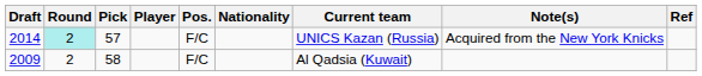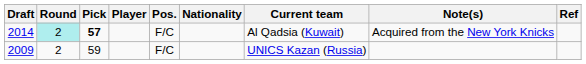 <table class="wikitable sortable" style="text-align:left; font-size:90%;">
 <tr>
 <th>Draft</th>
 <th>Round</th>
 <th>Pick</th>
 <th>Player</th>
 <th>Pos.</th>
 <th>Nationality</th>
 <th>Current team</th>
 <th>Note(s)</th>
 <th class="unsortable">Ref</th>
 </tr>
 <tr>
 <td style="text-align:center;"><a href='#'>2014</a></td>
 <td style="background: paleturquoise; text-align:center;">2</td>
-<td style="text-align:center;">57</td>
+<td style="text-align:center;"><strong>57</strong></td>
 <td></td>
 <td style="text-align:center;">F/C</td>
 <td></td>
-<td><a href='#'>UNICS Kazan</a> (<a href='#'>Russia</a>)</td>
+<td>Al Qadsia (<a href='#'>Kuwait</a>)</td>
 <td>Acquired from the <a href='#'>New York Knicks</a></td>
 <td></td>
 </tr>
 <tr>
 <td style="text-align:center;"><a href='#'>2009</a></td>
 <td style="text-align:center;">2</td>
-<td style="text-align:center;">58</td>
+<td style="text-align:center;">59</td>
 <td></td>
 <td style="text-align:center;">F/C</td>
 <td></td>
-<td>Al Qadsia (<a href='#'>Kuwait</a>)</td>
+<td><a href='#'>UNICS Kazan</a> (<a href='#'>Russia</a>)</td>
 <td></td>
 <td style="text-align:center;"></td>
 </tr>
 </table>
